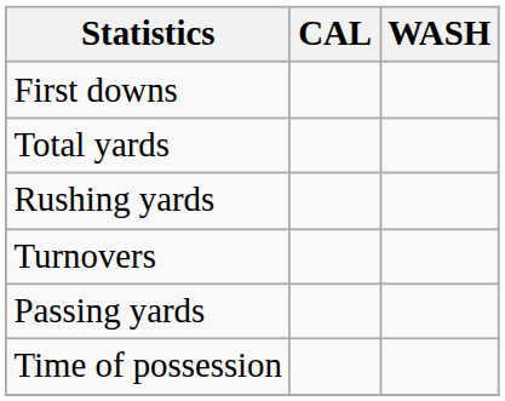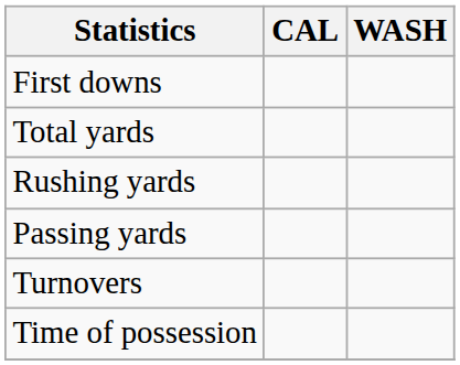 <table class="wikitable" style="float: left;">
 <tr>
 <th>Statistics</th>
 <th>CAL</th>
 <th>WASH</th>
 </tr>
 <tr>
 <td>First downs</td>
 <td></td>
 <td></td>
 </tr>
 <tr>
 <td>Total yards</td>
 <td></td>
 <td></td>
 </tr>
 <tr>
 <td>Rushing yards</td>
 <td></td>
 <td></td>
 </tr>
 <tr>
-<td>Turnovers</td>
+<td>Passing yards</td>
 <td></td>
 <td></td>
 </tr>
 <tr>
-<td>Passing yards</td>
+<td>Turnovers</td>
 <td></td>
 <td></td>
 </tr>
 <tr>
 <td>Time of possession</td>
 <td></td>
 <td></td>
 </tr>
 <tr>
 </tr>
 </table>
